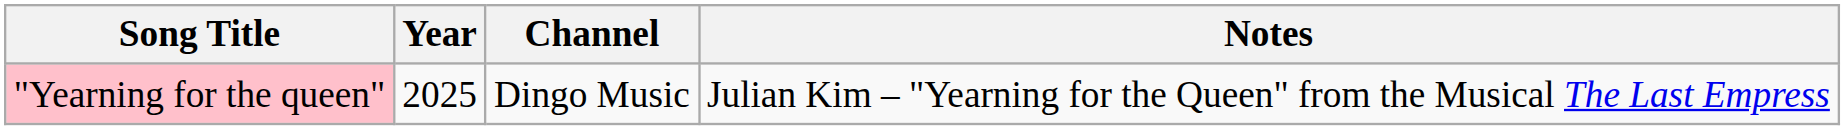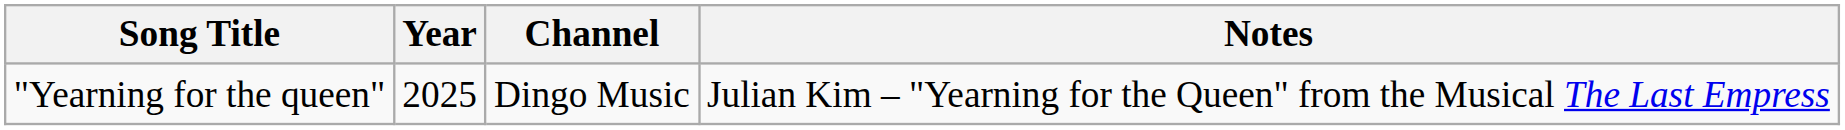 <table class="wikitable">
 <tr>
 <th>Song Title</th>
 <th>Year</th>
 <th>Channel</th>
 <th>Notes</th>
 </tr>
 <tr>
-<td style="background: pink;">"Yearning for the queen"</td>
+<td>"Yearning for the queen"</td>
 <td rowspan="2">2025</td>
 <td rowspan="2">Dingo Music</td>
 <td rowspan="2">Julian Kim – "Yearning for the Queen" from the Musical <em><a href='#'>The Last Empress</a></em></td>
 </tr>
 </table>
